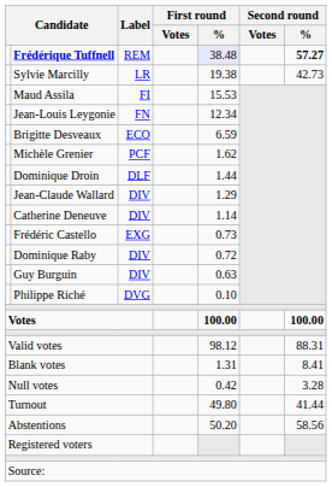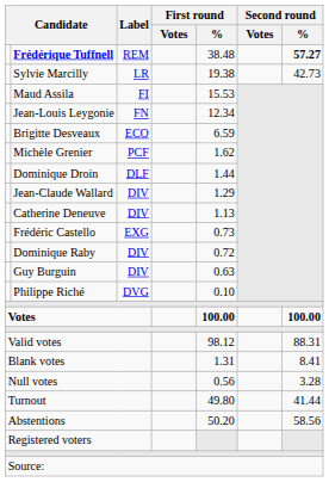 <table class="wikitable" style="text-align:right;font-size:95%;">
 <tr>
 <th colspan="2" rowspan="2">Candidate</th>
 <th rowspan="2">Label</th>
 <th colspan="2">First round</th>
 <th colspan="2">Second round</th>
 </tr>
 <tr>
 <th style="width:50px;">Votes</th>
 <th style="width:45px;">%</th>
 <th style="width:50px;">Votes</th>
 <th style="width:45px;">%</th>
 </tr>
 <tr>
 <td style="color:inherit;background:"></td>
 <td style="text-align:left;"><strong><a href='#'>Frédérique Tuffnell</a></strong></td>
 <td><a href='#'>REM</a></td>
 <td></td>
-<td style="background: lavender;">38.48</td>
+<td>38.48</td>
 <td><strong></strong></td>
 <td><strong>57.27</strong></td>
 </tr>
 <tr>
 <td style="color:inherit;background:"></td>
 <td style="text-align:left;">Sylvie Marcilly</td>
 <td><a href='#'>LR</a></td>
 <td></td>
 <td>19.38</td>
 <td></td>
 <td>42.73</td>
 </tr>
 <tr>
 <td style="color:inherit;background:"></td>
 <td style="text-align:left;">Maud Assila</td>
 <td><a href='#'>FI</a></td>
 <td></td>
 <td>15.53</td>
 <td colspan="2" rowspan="11" style="background:#E9E9E9;"></td>
 </tr>
 <tr>
 <td style="color:inherit;background:"></td>
 <td style="text-align:left;">Jean-Louis Leygonie</td>
 <td><a href='#'>FN</a></td>
 <td></td>
 <td>12.34</td>
 </tr>
 <tr>
 <td style="color:inherit;background:"></td>
 <td style="text-align:left;">Brigitte Desveaux</td>
 <td><a href='#'>ECO</a></td>
 <td></td>
 <td>6.59</td>
 </tr>
 <tr>
 <td style="color:inherit;background:"></td>
 <td style="text-align:left;">Michèle Grenier</td>
 <td><a href='#'>PCF</a></td>
 <td></td>
 <td>1.62</td>
 </tr>
 <tr>
 <td style="color:inherit;background:"></td>
 <td style="text-align:left;">Dominique Droin</td>
 <td><a href='#'>DLF</a></td>
 <td></td>
 <td>1.44</td>
 </tr>
 <tr>
 <td style="color:inherit;background:"></td>
 <td style="text-align:left;">Jean-Claude Wallard</td>
 <td><a href='#'>DIV</a></td>
 <td></td>
 <td>1.29</td>
 </tr>
 <tr>
 <td style="color:inherit;background:"></td>
 <td style="text-align:left;">Catherine Deneuve</td>
 <td><a href='#'>DIV</a></td>
 <td></td>
-<td>1.14</td>
+<td>1.13</td>
 </tr>
 <tr>
 <td style="color:inherit;background:"></td>
 <td style="text-align:left;">Frédéric Castello</td>
 <td><a href='#'>EXG</a></td>
 <td></td>
 <td>0.73</td>
 </tr>
 <tr>
 <td style="color:inherit;background:"></td>
 <td style="text-align:left;">Dominique Raby</td>
 <td><a href='#'>DIV</a></td>
 <td></td>
 <td>0.72</td>
 </tr>
 <tr>
 <td style="color:inherit;background:"></td>
 <td style="text-align:left;">Guy Burguin</td>
 <td><a href='#'>DIV</a></td>
 <td></td>
 <td>0.63</td>
 </tr>
 <tr>
 <td style="color:inherit;background:"></td>
 <td style="text-align:left;">Philippe Riché</td>
 <td><a href='#'>DVG</a></td>
 <td></td>
 <td>0.10</td>
 </tr>
 <tr>
 <td colspan="7" style="background:#E9E9E9;"></td>
 </tr>
 <tr style="font-weight:bold;">
 <td colspan="3" style="text-align:left;">Votes</td>
 <td></td>
 <td>100.00</td>
 <td></td>
 <td>100.00</td>
 </tr>
 <tr>
 <td colspan="7" style="background:#E9E9E9;"></td>
 </tr>
 <tr>
 <td colspan="3" style="text-align:left;">Valid votes</td>
 <td></td>
 <td>98.12</td>
 <td></td>
 <td>88.31</td>
 </tr>
 <tr>
 <td colspan="3" style="text-align:left;">Blank votes</td>
 <td></td>
 <td>1.31</td>
 <td></td>
 <td>8.41</td>
 </tr>
 <tr>
 <td colspan="3" style="text-align:left;">Null votes</td>
 <td></td>
-<td>0.42</td>
+<td>0.56</td>
 <td></td>
 <td>3.28</td>
 </tr>
 <tr>
 <td colspan="3" style="text-align:left;">Turnout</td>
 <td></td>
 <td>49.80</td>
 <td></td>
 <td>41.44</td>
 </tr>
 <tr>
 <td colspan="3" style="text-align:left;">Abstentions</td>
 <td></td>
 <td>50.20</td>
 <td></td>
 <td>58.56</td>
 </tr>
 <tr>
 <td colspan="3" style="text-align:left;">Registered voters</td>
 <td></td>
 <td style="color:inherit;background:#E9E9E9;"></td>
 <td></td>
 <td style="color:inherit;background:#E9E9E9;"></td>
 </tr>
 <tr>
 <td colspan="7" style="background:#E9E9E9;"></td>
 </tr>
 <tr>
 <td colspan="7" style="text-align:left;">Source: </td>
 </tr>
 </table>
